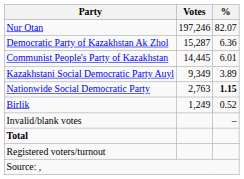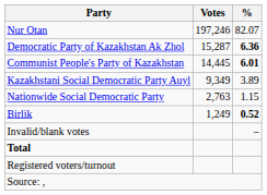 <table class=wikitable style=text-align:right>
 <tr>
 <th>Party</th>
 <th>Votes</th>
 <th>%</th>
 </tr>
 <tr>
 <td align=left><a href='#'>Nur Otan</a></td>
 <td>197,246</td>
 <td>82.07</td>
 </tr>
 <tr>
 <td align=left><a href='#'>Democratic Party of Kazakhstan Ak Zhol</a></td>
 <td>15,287</td>
-<td>6.36</td>
+<td><strong>6.36</strong></td>
 </tr>
 <tr>
 <td align=left><a href='#'>Communist People's Party of Kazakhstan</a></td>
 <td>14,445</td>
-<td>6.01</td>
+<td><strong>6.01</strong></td>
 </tr>
 <tr>
 <td align=left><a href='#'>Kazakhstani Social Democratic Party Auyl</a></td>
 <td>9,349</td>
 <td>3.89</td>
 </tr>
 <tr>
 <td align=left><a href='#'>Nationwide Social Democratic Party</a></td>
 <td>2,763</td>
-<td><strong>1.15</strong></td>
+<td>1.15</td>
 </tr>
 <tr>
 <td align=left><a href='#'>Birlik</a></td>
 <td>1,249</td>
-<td>0.52</td>
+<td><strong>0.52</strong></td>
 </tr>
 <tr>
 <td align=left>Invalid/blank votes</td>
 <td></td>
 <td>–</td>
 </tr>
 <tr>
 <td align=left><strong>Total</strong></td>
 <td></td>
 <td></td>
 </tr>
 <tr>
 <td align=left>Registered voters/turnout</td>
 <td></td>
 <td></td>
 </tr>
 <tr>
 <td style="text-align:left;" colspan="5">Source: , </td>
 </tr>
 </table>
